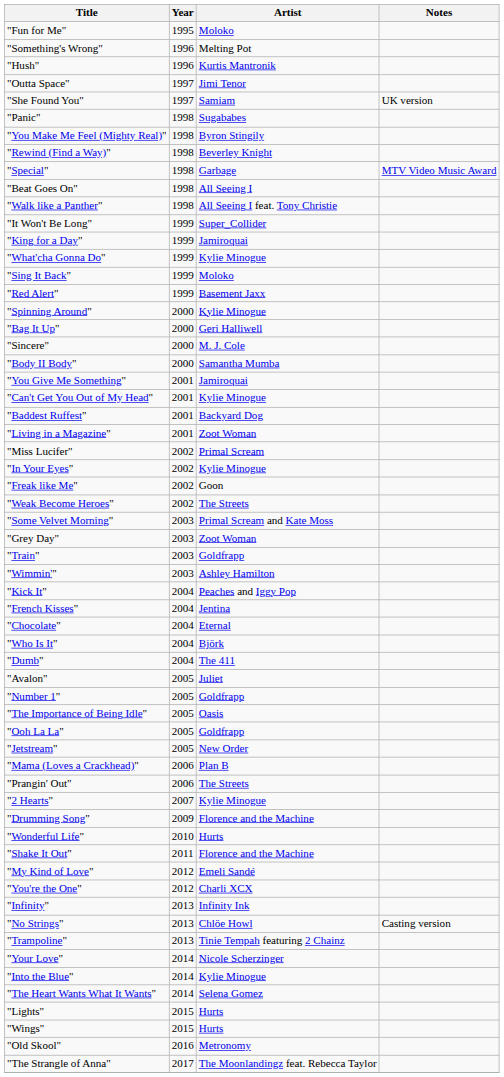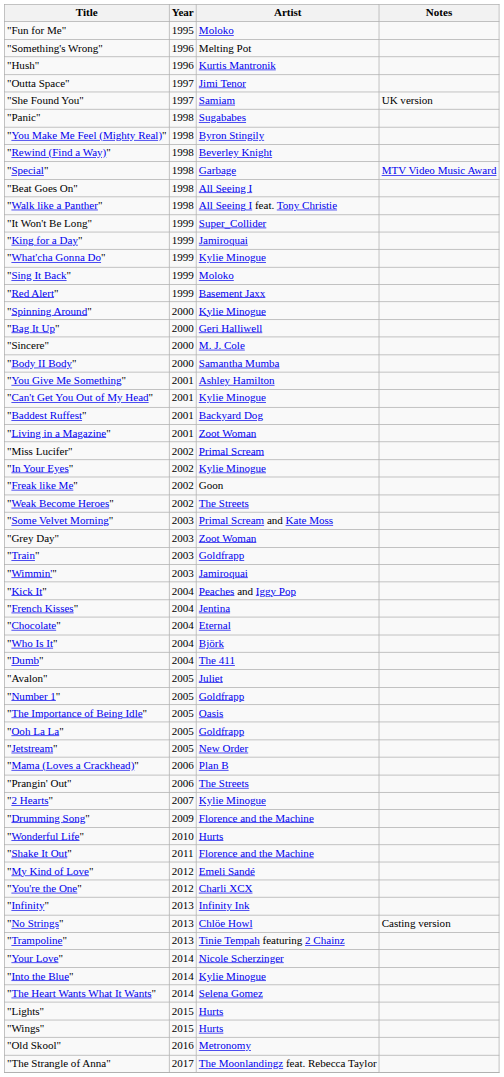 <table class="wikitable sortable plainrowheaders">
 <tr>
 <th scope="col" style="text-align:center;">Title</th>
 <th scope="col" style="text-align:center;">Year</th>
 <th scope="col" style="text-align:center;">Artist</th>
 <th scope="col" class="unsortable" style="text-align:center;">Notes</th>
 </tr>
 <tr>
 <td>"Fun for Me"</td>
 <td style="text-align:center;">1995</td>
 <td><a href='#'>Moloko</a></td>
 <td></td>
 </tr>
 <tr>
 <td>"Something's Wrong"</td>
 <td style="text-align:center;">1996</td>
 <td>Melting Pot</td>
 <td></td>
 </tr>
 <tr>
 <td>"Hush"</td>
 <td style="text-align:center;">1996</td>
 <td><a href='#'>Kurtis Mantronik</a></td>
 <td></td>
 </tr>
 <tr>
 <td>"Outta Space"</td>
 <td style="text-align:center;">1997</td>
 <td><a href='#'>Jimi Tenor</a></td>
 <td></td>
 </tr>
 <tr>
 <td>"She Found You"</td>
 <td style="text-align:center;">1997</td>
 <td><a href='#'>Samiam</a></td>
 <td>UK version</td>
 </tr>
 <tr>
 <td>"Panic"</td>
 <td style="text-align:center;">1998</td>
 <td><a href='#'>Sugababes</a></td>
 <td></td>
 </tr>
 <tr>
 <td>"<a href='#'>You Make Me Feel (Mighty Real)</a>"</td>
 <td style="text-align:center;">1998</td>
 <td><a href='#'>Byron Stingily</a></td>
 <td></td>
 </tr>
 <tr>
 <td>"<a href='#'>Rewind (Find a Way)</a>"</td>
 <td style="text-align:center;">1998</td>
 <td><a href='#'>Beverley Knight</a></td>
 <td></td>
 </tr>
 <tr>
 <td>"<a href='#'>Special</a>"</td>
 <td style="text-align:center;">1998</td>
 <td><a href='#'>Garbage</a></td>
 <td><a href='#'>MTV Video Music Award</a></td>
 </tr>
 <tr>
 <td>"Beat Goes On"</td>
 <td style="text-align:center;">1998</td>
 <td><a href='#'>All Seeing I</a></td>
 <td></td>
 </tr>
 <tr>
 <td>"<a href='#'>Walk like a Panther</a>"</td>
 <td style="text-align:center;">1998</td>
 <td><a href='#'>All Seeing I</a> feat. <a href='#'>Tony Christie</a></td>
 <td></td>
 </tr>
 <tr>
 <td>"It Won't Be Long"</td>
 <td style="text-align:center;">1999</td>
 <td><a href='#'>Super_Collider</a></td>
 <td></td>
 </tr>
 <tr>
 <td>"<a href='#'>King for a Day</a>"</td>
 <td style="text-align:center;">1999</td>
 <td><a href='#'>Jamiroquai</a></td>
 <td></td>
 </tr>
 <tr>
 <td>"<a href='#'>What'cha Gonna Do</a>"</td>
 <td style="text-align:center;">1999</td>
 <td><a href='#'>Kylie Minogue</a></td>
 <td></td>
 </tr>
 <tr>
 <td>"<a href='#'>Sing It Back</a>"</td>
 <td style="text-align:center;">1999</td>
 <td><a href='#'>Moloko</a></td>
 <td></td>
 </tr>
 <tr>
 <td>"<a href='#'>Red Alert</a>"</td>
 <td style="text-align:center;">1999</td>
 <td><a href='#'>Basement Jaxx</a></td>
 <td></td>
 </tr>
 <tr>
 <td>"<a href='#'>Spinning Around</a>"</td>
 <td style="text-align:center;">2000</td>
 <td><a href='#'>Kylie Minogue</a></td>
 <td></td>
 </tr>
 <tr>
 <td>"<a href='#'>Bag It Up</a>"</td>
 <td style="text-align:center;">2000</td>
 <td><a href='#'>Geri Halliwell</a></td>
 <td></td>
 </tr>
 <tr>
 <td>"Sincere"</td>
 <td style="text-align:center;">2000</td>
 <td><a href='#'>M. J. Cole</a></td>
 <td></td>
 </tr>
 <tr>
 <td>"<a href='#'>Body II Body</a>"</td>
 <td style="text-align:center;">2000</td>
 <td><a href='#'>Samantha Mumba</a></td>
 <td></td>
 </tr>
 <tr>
 <td>"<a href='#'>You Give Me Something</a>"</td>
 <td style="text-align:center;">2001</td>
-<td><a href='#'>Jamiroquai</a></td>
+<td><a href='#'>Ashley Hamilton</a></td>
 <td></td>
 </tr>
 <tr>
 <td>"<a href='#'>Can't Get You Out of My Head</a>"</td>
 <td style="text-align:center;">2001</td>
 <td><a href='#'>Kylie Minogue</a></td>
 <td></td>
 </tr>
 <tr>
 <td>"<a href='#'>Baddest Ruffest</a>"</td>
 <td style="text-align:center;">2001</td>
 <td><a href='#'>Backyard Dog</a></td>
 <td></td>
 </tr>
 <tr>
 <td>"<a href='#'>Living in a Magazine</a>"</td>
 <td style="text-align:center;">2001</td>
 <td><a href='#'>Zoot Woman</a></td>
 <td></td>
 </tr>
 <tr>
 <td>"Miss Lucifer"</td>
 <td style="text-align:center;">2002</td>
 <td><a href='#'>Primal Scream</a></td>
 <td></td>
 </tr>
 <tr>
 <td>"<a href='#'>In Your Eyes</a>"</td>
 <td style="text-align:center;">2002</td>
 <td><a href='#'>Kylie Minogue</a></td>
 <td></td>
 </tr>
 <tr>
 <td>"<a href='#'>Freak like Me</a>"</td>
 <td style="text-align:center;">2002</td>
 <td>Goon</td>
 <td></td>
 </tr>
 <tr>
 <td>"<a href='#'>Weak Become Heroes</a>"</td>
 <td style="text-align:center;">2002</td>
 <td><a href='#'>The Streets</a></td>
 <td></td>
 </tr>
 <tr>
 <td>"<a href='#'>Some Velvet Morning</a>"</td>
 <td style="text-align:center;">2003</td>
 <td><a href='#'>Primal Scream</a> and <a href='#'>Kate Moss</a></td>
 <td></td>
 </tr>
 <tr>
 <td>"Grey Day"</td>
 <td style="text-align:center;">2003</td>
 <td><a href='#'>Zoot Woman</a></td>
 <td></td>
 </tr>
 <tr>
 <td>"<a href='#'>Train</a>"</td>
 <td style="text-align:center;">2003</td>
 <td><a href='#'>Goldfrapp</a></td>
 <td></td>
 </tr>
 <tr>
 <td>"<a href='#'>Wimmin'</a>"</td>
 <td style="text-align:center;">2003</td>
-<td><a href='#'>Ashley Hamilton</a></td>
+<td><a href='#'>Jamiroquai</a></td>
 <td></td>
 </tr>
 <tr>
 <td>"<a href='#'>Kick It</a>"</td>
 <td style="text-align:center;">2004</td>
 <td><a href='#'>Peaches</a> and <a href='#'>Iggy Pop</a></td>
 <td></td>
 </tr>
 <tr>
 <td>"<a href='#'>French Kisses</a>"</td>
 <td style="text-align:center;">2004</td>
 <td><a href='#'>Jentina</a></td>
 <td></td>
 </tr>
 <tr>
 <td>"<a href='#'>Chocolate</a>"</td>
 <td style="text-align:center;">2004</td>
 <td><a href='#'>Eternal</a></td>
 <td></td>
 </tr>
 <tr>
 <td>"<a href='#'>Who Is It</a>"</td>
 <td style="text-align:center;">2004</td>
 <td><a href='#'>Björk</a></td>
 <td></td>
 </tr>
 <tr>
 <td>"<a href='#'>Dumb</a>"</td>
 <td style="text-align:center;">2004</td>
 <td><a href='#'>The 411</a></td>
 <td></td>
 </tr>
 <tr>
 <td>"Avalon"</td>
 <td style="text-align:center;">2005</td>
 <td><a href='#'>Juliet</a></td>
 <td></td>
 </tr>
 <tr>
 <td>"<a href='#'>Number 1</a>"</td>
 <td style="text-align:center;">2005</td>
 <td><a href='#'>Goldfrapp</a></td>
 <td></td>
 </tr>
 <tr>
 <td>"<a href='#'>The Importance of Being Idle</a>"</td>
 <td style="text-align:center;">2005</td>
 <td><a href='#'>Oasis</a></td>
 <td></td>
 </tr>
 <tr>
 <td>"<a href='#'>Ooh La La</a>"</td>
 <td style="text-align:center;">2005</td>
 <td><a href='#'>Goldfrapp</a></td>
 <td></td>
 </tr>
 <tr>
 <td>"<a href='#'>Jetstream</a>"</td>
 <td style="text-align:center;">2005</td>
 <td><a href='#'>New Order</a></td>
 <td></td>
 </tr>
 <tr>
 <td>"<a href='#'>Mama (Loves a Crackhead)</a>"</td>
 <td style="text-align:center;">2006</td>
 <td><a href='#'>Plan B</a></td>
 <td></td>
 </tr>
 <tr>
 <td>"Prangin' Out"</td>
 <td style="text-align:center;">2006</td>
 <td><a href='#'>The Streets</a></td>
 <td></td>
 </tr>
 <tr>
 <td>"<a href='#'>2 Hearts</a>"</td>
 <td style="text-align:center;">2007</td>
 <td><a href='#'>Kylie Minogue</a></td>
 <td></td>
 </tr>
 <tr>
 <td>"<a href='#'>Drumming Song</a>"</td>
 <td style="text-align:center;">2009</td>
 <td><a href='#'>Florence and the Machine</a></td>
 <td></td>
 </tr>
 <tr>
 <td>"<a href='#'>Wonderful Life</a>"</td>
 <td style="text-align:center;">2010</td>
 <td><a href='#'>Hurts</a></td>
 <td></td>
 </tr>
 <tr>
 <td>"<a href='#'>Shake It Out</a>"</td>
 <td style="text-align:center;">2011</td>
 <td><a href='#'>Florence and the Machine</a></td>
 <td></td>
 </tr>
 <tr>
 <td>"<a href='#'>My Kind of Love</a>"</td>
 <td style="text-align:center;">2012</td>
 <td><a href='#'>Emeli Sandé</a></td>
 <td></td>
 </tr>
 <tr>
 <td>"<a href='#'>You're the One</a>"</td>
 <td style="text-align:center;">2012</td>
 <td><a href='#'>Charli XCX</a></td>
 <td></td>
 </tr>
 <tr>
 <td>"<a href='#'>Infinity</a>"</td>
 <td style="text-align:center;">2013</td>
 <td><a href='#'>Infinity Ink</a></td>
 <td></td>
 </tr>
 <tr>
 <td>"<a href='#'>No Strings</a>"</td>
 <td style="text-align:center;">2013</td>
 <td><a href='#'>Chlöe Howl</a></td>
 <td>Casting version</td>
 </tr>
 <tr>
 <td>"<a href='#'>Trampoline</a>"</td>
 <td style="text-align:center;">2013</td>
 <td><a href='#'>Tinie Tempah</a> featuring <a href='#'>2 Chainz</a></td>
 <td></td>
 </tr>
 <tr>
 <td>"<a href='#'>Your Love</a>"</td>
 <td style="text-align:center;">2014</td>
 <td><a href='#'>Nicole Scherzinger</a></td>
 <td></td>
 </tr>
 <tr>
 <td>"<a href='#'>Into the Blue</a>"</td>
 <td style="text-align:center;">2014</td>
 <td><a href='#'>Kylie Minogue</a></td>
 <td></td>
 </tr>
 <tr>
 <td>"<a href='#'>The Heart Wants What It Wants</a>"</td>
 <td style="text-align:center;">2014</td>
 <td><a href='#'>Selena Gomez</a></td>
 <td></td>
 </tr>
 <tr>
 <td>"Lights"</td>
 <td style="text-align:center;">2015</td>
 <td><a href='#'>Hurts</a></td>
 <td></td>
 </tr>
 <tr>
 <td>"Wings"</td>
 <td style="text-align:center;">2015</td>
 <td><a href='#'>Hurts</a></td>
 <td></td>
 </tr>
 <tr>
 <td>"Old Skool"</td>
 <td style="text-align:center;">2016</td>
 <td><a href='#'>Metronomy</a></td>
 <td></td>
 </tr>
 <tr>
 <td>"The Strangle of Anna"</td>
 <td style="text-align:center;">2017</td>
 <td><a href='#'>The Moonlandingz</a> feat. Rebecca Taylor</td>
 <td></td>
 </tr>
 <tr>
 </tr>
 </table>
